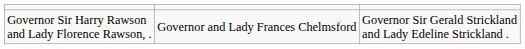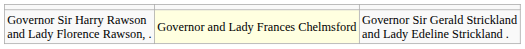 <table class="wikitable" border="1">
 <tr>
 <td></td>
 <td></td>
 <td></td>
 </tr>
 <tr>
 <td>Governor Sir Harry Rawson<br>and Lady Florence Rawson, .</td>
-<td>Governor and Lady Frances Chelmsford</td>
+<td style="background: lightyellow;">Governor and Lady Frances Chelmsford</td>
 <td>Governor Sir Gerald Strickland<br>and Lady Edeline Strickland .</td>
 </tr>
 </table>
